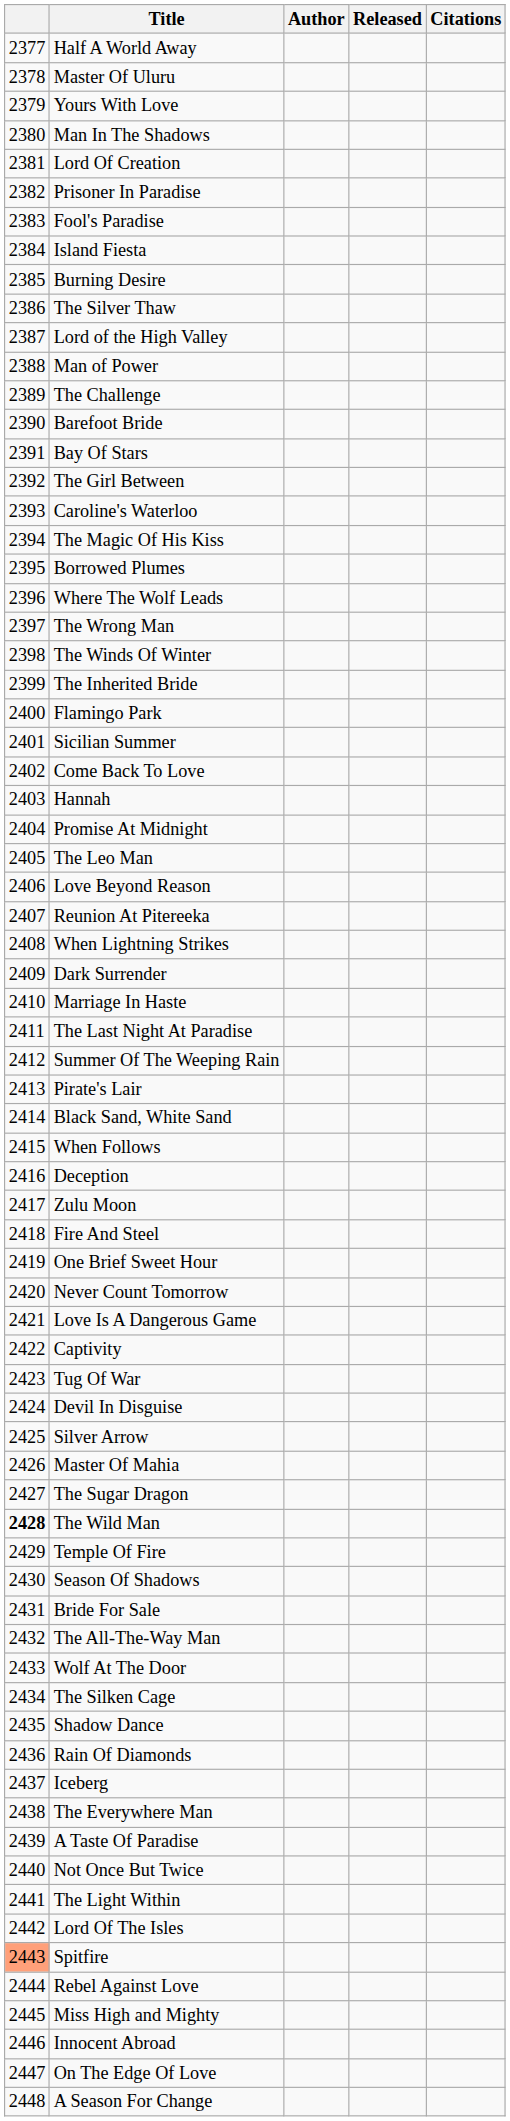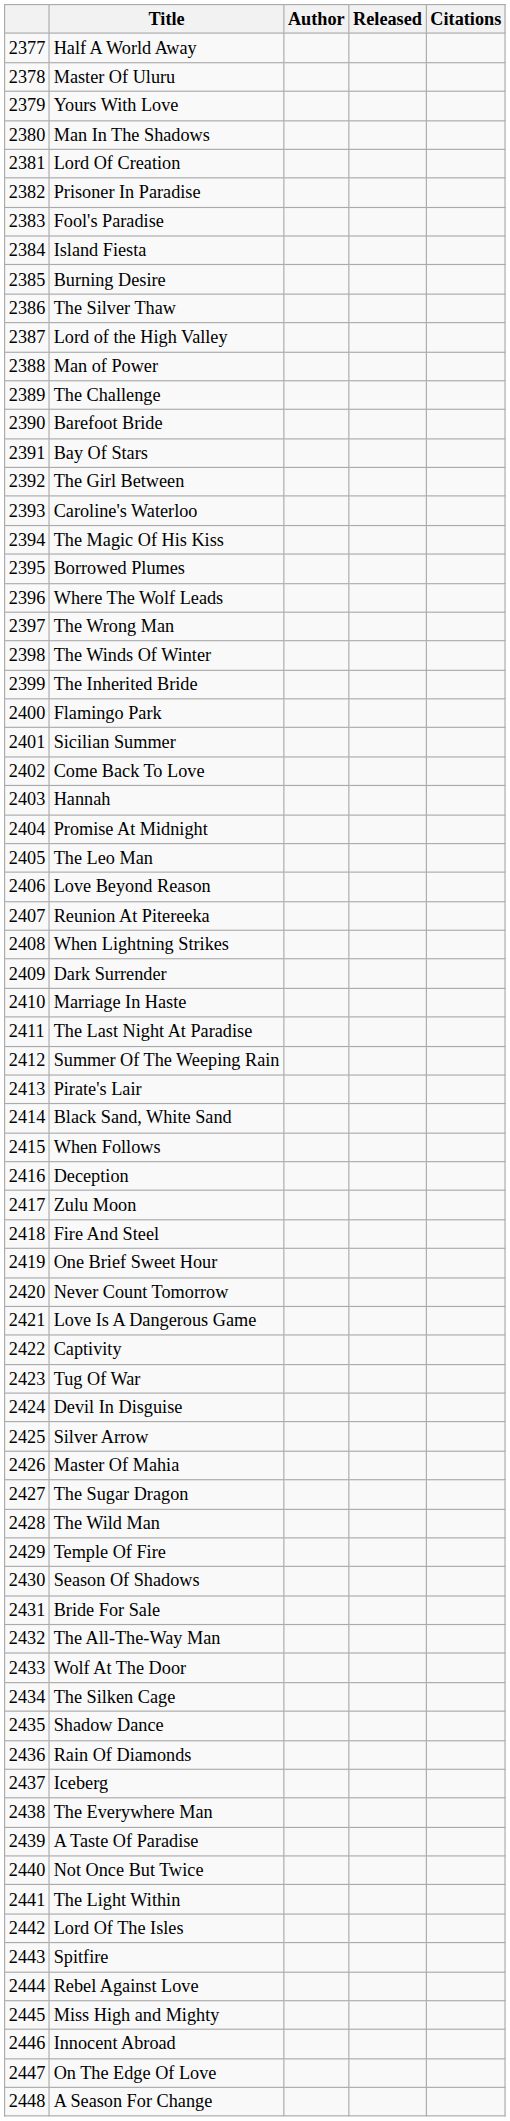 <table class="wikitable sortable">
 <tr>
 <th></th>
 <th>Title</th>
 <th>Author</th>
 <th data-sort-class="date">Released</th>
 <th>Citations</th>
 </tr>
 <tr>
 <td>2377</td>
 <td>Half A World Away</td>
 <td></td>
 <td></td>
 <td></td>
 </tr>
 <tr>
 <td>2378</td>
 <td>Master Of Uluru</td>
 <td></td>
 <td></td>
 <td></td>
 </tr>
 <tr>
 <td>2379</td>
 <td>Yours With Love</td>
 <td></td>
 <td></td>
 <td></td>
 </tr>
 <tr>
 <td>2380</td>
 <td>Man In The Shadows</td>
 <td></td>
 <td></td>
 <td></td>
 </tr>
 <tr>
 <td>2381</td>
 <td>Lord Of Creation</td>
 <td></td>
 <td></td>
 <td></td>
 </tr>
 <tr>
 <td>2382</td>
 <td>Prisoner In Paradise</td>
 <td></td>
 <td></td>
 <td></td>
 </tr>
 <tr>
 <td>2383</td>
 <td>Fool's Paradise</td>
 <td></td>
 <td></td>
 <td></td>
 </tr>
 <tr>
 <td>2384</td>
 <td>Island Fiesta</td>
 <td></td>
 <td></td>
 <td></td>
 </tr>
 <tr>
 <td>2385</td>
 <td>Burning Desire</td>
 <td></td>
 <td></td>
 <td></td>
 </tr>
 <tr>
 <td>2386</td>
 <td>The Silver Thaw</td>
 <td></td>
 <td></td>
 <td></td>
 </tr>
 <tr>
 <td>2387</td>
 <td>Lord of the High Valley</td>
 <td></td>
 <td></td>
 <td></td>
 </tr>
 <tr>
 <td>2388</td>
 <td>Man of Power</td>
 <td></td>
 <td></td>
 <td></td>
 </tr>
 <tr>
 <td>2389</td>
 <td>The Challenge</td>
 <td></td>
 <td></td>
 <td></td>
 </tr>
 <tr>
 <td>2390</td>
 <td>Barefoot Bride</td>
 <td></td>
 <td></td>
 <td></td>
 </tr>
 <tr>
 <td>2391</td>
 <td>Bay Of Stars</td>
 <td></td>
 <td></td>
 <td></td>
 </tr>
 <tr>
 <td>2392</td>
 <td>The Girl Between</td>
 <td></td>
 <td></td>
 <td></td>
 </tr>
 <tr>
 <td>2393</td>
 <td>Caroline's Waterloo</td>
 <td></td>
 <td></td>
 <td></td>
 </tr>
 <tr>
 <td>2394</td>
 <td>The Magic Of His Kiss</td>
 <td></td>
 <td></td>
 <td></td>
 </tr>
 <tr>
 <td>2395</td>
 <td>Borrowed Plumes</td>
 <td></td>
 <td></td>
 <td></td>
 </tr>
 <tr>
 <td>2396</td>
 <td>Where The Wolf Leads</td>
 <td></td>
 <td></td>
 <td></td>
 </tr>
 <tr>
 <td>2397</td>
 <td>The Wrong Man</td>
 <td></td>
 <td></td>
 <td></td>
 </tr>
 <tr>
 <td>2398</td>
 <td>The Winds Of Winter</td>
 <td></td>
 <td></td>
 <td></td>
 </tr>
 <tr>
 <td>2399</td>
 <td>The Inherited Bride</td>
 <td></td>
 <td></td>
 <td></td>
 </tr>
 <tr>
 <td>2400</td>
 <td>Flamingo Park</td>
 <td></td>
 <td></td>
 <td></td>
 </tr>
 <tr>
 <td>2401</td>
 <td>Sicilian Summer</td>
 <td></td>
 <td></td>
 <td></td>
 </tr>
 <tr>
 <td>2402</td>
 <td>Come Back To Love</td>
 <td></td>
 <td></td>
 <td></td>
 </tr>
 <tr>
 <td>2403</td>
 <td>Hannah</td>
 <td></td>
 <td></td>
 <td></td>
 </tr>
 <tr>
 <td>2404</td>
 <td>Promise At Midnight</td>
 <td></td>
 <td></td>
 <td></td>
 </tr>
 <tr>
 <td>2405</td>
 <td>The Leo Man</td>
 <td></td>
 <td></td>
 <td></td>
 </tr>
 <tr>
 <td>2406</td>
 <td>Love Beyond Reason</td>
 <td></td>
 <td></td>
 <td></td>
 </tr>
 <tr>
 <td>2407</td>
 <td>Reunion At Pitereeka</td>
 <td></td>
 <td></td>
 <td></td>
 </tr>
 <tr>
 <td>2408</td>
 <td>When Lightning Strikes</td>
 <td></td>
 <td></td>
 <td></td>
 </tr>
 <tr>
 <td>2409</td>
 <td>Dark Surrender</td>
 <td></td>
 <td></td>
 <td></td>
 </tr>
 <tr>
 <td>2410</td>
 <td>Marriage In Haste</td>
 <td></td>
 <td></td>
 <td></td>
 </tr>
 <tr>
 <td>2411</td>
 <td>The Last Night At Paradise</td>
 <td></td>
 <td></td>
 <td></td>
 </tr>
 <tr>
 <td>2412</td>
 <td>Summer Of The Weeping Rain</td>
 <td></td>
 <td></td>
 <td></td>
 </tr>
 <tr>
 <td>2413</td>
 <td>Pirate's Lair</td>
 <td></td>
 <td></td>
 <td></td>
 </tr>
 <tr>
 <td>2414</td>
 <td>Black Sand, White Sand</td>
 <td></td>
 <td></td>
 <td></td>
 </tr>
 <tr>
 <td>2415</td>
 <td>When Follows</td>
 <td></td>
 <td></td>
 <td></td>
 </tr>
 <tr>
 <td>2416</td>
 <td>Deception</td>
 <td></td>
 <td></td>
 <td></td>
 </tr>
 <tr>
 <td>2417</td>
 <td>Zulu Moon</td>
 <td></td>
 <td></td>
 <td></td>
 </tr>
 <tr>
 <td>2418</td>
 <td>Fire And Steel</td>
 <td></td>
 <td></td>
 <td></td>
 </tr>
 <tr>
 <td>2419</td>
 <td>One Brief Sweet Hour</td>
 <td></td>
 <td></td>
 <td></td>
 </tr>
 <tr>
 <td>2420</td>
 <td>Never Count Tomorrow</td>
 <td></td>
 <td></td>
 <td></td>
 </tr>
 <tr>
 <td>2421</td>
 <td>Love Is A Dangerous Game</td>
 <td></td>
 <td></td>
 <td></td>
 </tr>
 <tr>
 <td>2422</td>
 <td>Captivity</td>
 <td></td>
 <td></td>
 <td></td>
 </tr>
 <tr>
 <td>2423</td>
 <td>Tug Of War</td>
 <td></td>
 <td></td>
 <td></td>
 </tr>
 <tr>
 <td>2424</td>
 <td>Devil In Disguise</td>
 <td></td>
 <td></td>
 <td></td>
 </tr>
 <tr>
 <td>2425</td>
 <td>Silver Arrow</td>
 <td></td>
 <td></td>
 <td></td>
 </tr>
 <tr>
 <td>2426</td>
 <td>Master Of Mahia</td>
 <td></td>
 <td></td>
 <td></td>
 </tr>
 <tr>
 <td>2427</td>
 <td>The Sugar Dragon</td>
 <td></td>
 <td></td>
 <td></td>
 </tr>
 <tr>
-<td><strong>2428</strong></td>
+<td>2428</td>
 <td>The Wild Man</td>
 <td></td>
 <td></td>
 <td></td>
 </tr>
 <tr>
 <td>2429</td>
 <td>Temple Of Fire</td>
 <td></td>
 <td></td>
 <td></td>
 </tr>
 <tr>
 <td>2430</td>
 <td>Season Of Shadows</td>
 <td></td>
 <td></td>
 <td></td>
 </tr>
 <tr>
 <td>2431</td>
 <td>Bride For Sale</td>
 <td></td>
 <td></td>
 <td></td>
 </tr>
 <tr>
 <td>2432</td>
 <td>The All-The-Way Man</td>
 <td></td>
 <td></td>
 <td></td>
 </tr>
 <tr>
 <td>2433</td>
 <td>Wolf At The Door</td>
 <td></td>
 <td></td>
 <td></td>
 </tr>
 <tr>
 <td>2434</td>
 <td>The Silken Cage</td>
 <td></td>
 <td></td>
 <td></td>
 </tr>
 <tr>
 <td>2435</td>
 <td>Shadow Dance</td>
 <td></td>
 <td></td>
 <td></td>
 </tr>
 <tr>
 <td>2436</td>
 <td>Rain Of Diamonds</td>
 <td></td>
 <td></td>
 <td></td>
 </tr>
 <tr>
 <td>2437</td>
 <td>Iceberg</td>
 <td></td>
 <td></td>
 <td></td>
 </tr>
 <tr>
 <td>2438</td>
 <td>The Everywhere Man</td>
 <td></td>
 <td></td>
 <td></td>
 </tr>
 <tr>
 <td>2439</td>
 <td>A Taste Of Paradise</td>
 <td></td>
 <td></td>
 <td></td>
 </tr>
 <tr>
 <td>2440</td>
 <td>Not Once But Twice</td>
 <td></td>
 <td></td>
 <td></td>
 </tr>
 <tr>
 <td>2441</td>
 <td>The Light Within</td>
 <td></td>
 <td></td>
 <td></td>
 </tr>
 <tr>
 <td>2442</td>
 <td>Lord Of The Isles</td>
 <td></td>
 <td></td>
 <td></td>
 </tr>
 <tr>
-<td style="background: lightsalmon;">2443</td>
+<td>2443</td>
 <td>Spitfire</td>
 <td></td>
 <td></td>
 <td></td>
 </tr>
 <tr>
 <td>2444</td>
 <td>Rebel Against Love</td>
 <td></td>
 <td></td>
 <td></td>
 </tr>
 <tr>
 <td>2445</td>
 <td>Miss High and Mighty</td>
 <td></td>
 <td></td>
 <td></td>
 </tr>
 <tr>
 <td>2446</td>
 <td>Innocent Abroad</td>
 <td></td>
 <td></td>
 <td></td>
 </tr>
 <tr>
 <td>2447</td>
 <td>On The Edge Of Love</td>
 <td></td>
 <td></td>
 <td></td>
 </tr>
 <tr>
 <td>2448</td>
 <td>A Season For Change</td>
 <td></td>
 <td></td>
 <td></td>
 </tr>
 </table>
